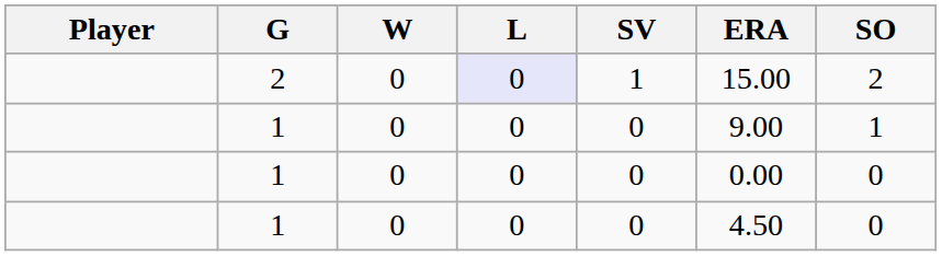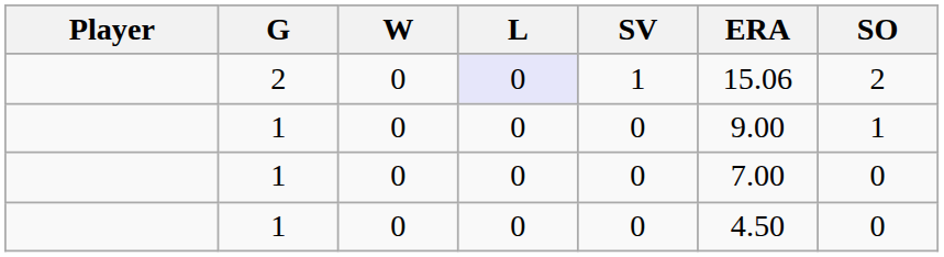 <table class="wikitable sortable">
 <tr>
 <th bgcolor="#DDDDFF" width="16%">Player</th>
 <th bgcolor="#DDDDFF" width="9%">G</th>
 <th bgcolor="#DDDDFF" width="9%">W</th>
 <th bgcolor="#DDDDFF" width="9%">L</th>
 <th bgcolor="#DDDDFF" width="9%">SV</th>
 <th bgcolor="#DDDDFF" width="9%">ERA</th>
 <th bgcolor="#DDDDFF" width="9%">SO</th>
 </tr>
 <tr align="center">
 <td></td>
 <td>2</td>
 <td>0</td>
 <td style="background: lavender;">0</td>
 <td>1</td>
-<td>15.00</td>
+<td>15.06</td>
 <td>2</td>
 </tr>
 <tr align="center">
 <td></td>
 <td>1</td>
 <td>0</td>
 <td>0</td>
 <td>0</td>
 <td>9.00</td>
 <td>1</td>
 </tr>
 <tr align="center">
 <td></td>
 <td>1</td>
 <td>0</td>
 <td>0</td>
 <td>0</td>
-<td>0.00</td>
+<td>7.00</td>
 <td>0</td>
 </tr>
 <tr align="center">
 <td></td>
 <td>1</td>
 <td>0</td>
 <td>0</td>
 <td>0</td>
 <td>4.50</td>
 <td>0</td>
 </tr>
 </table>
